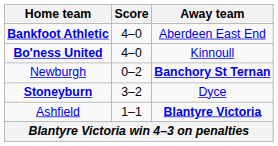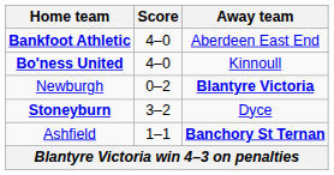 <table class="wikitable" style="text-align: center">
 <tr>
 <th>Home team</th>
 <th>Score</th>
 <th>Away team</th>
 </tr>
 <tr>
 <td><strong><a href='#'>Bankfoot Athletic</a></strong></td>
 <td>4–0</td>
 <td><a href='#'>Aberdeen East End</a></td>
 </tr>
 <tr>
 <td><strong><a href='#'>Bo'ness United</a></strong></td>
 <td>4–0</td>
 <td><a href='#'>Kinnoull</a></td>
 </tr>
 <tr>
 <td><a href='#'>Newburgh</a></td>
 <td>0–2</td>
-<td><strong><a href='#'>Banchory St Ternan</a></strong></td>
+<td><strong><a href='#'>Blantyre Victoria</a></strong></td>
 </tr>
 <tr>
 <td><strong><a href='#'>Stoneyburn</a></strong></td>
 <td>3–2</td>
 <td><a href='#'>Dyce</a></td>
 </tr>
 <tr>
 <td><a href='#'>Ashfield</a></td>
 <td>1–1</td>
-<td><strong><a href='#'>Blantyre Victoria</a></strong></td>
+<td><strong><a href='#'>Banchory St Ternan</a></strong></td>
 </tr>
 <tr>
 <th colspan="5"><em>Blantyre Victoria win 4–3 on penalties</em></th>
 </tr>
 </table>
